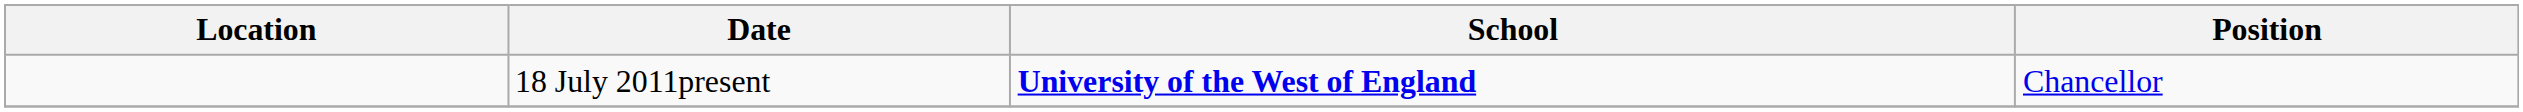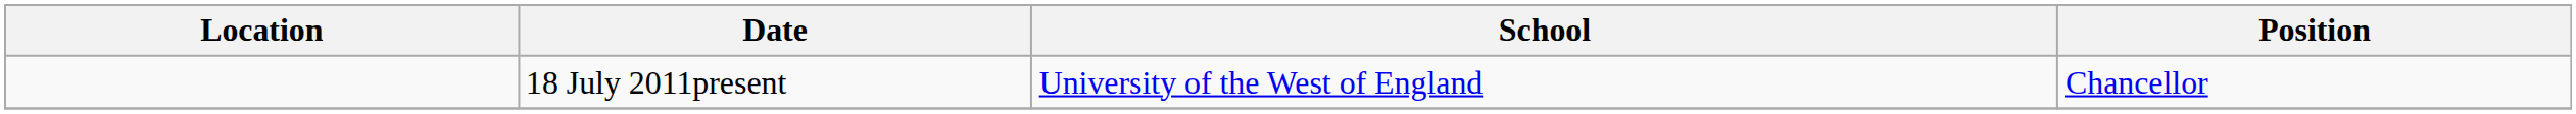 <table class="wikitable" style="width:100%;">
 <tr>
 <th style="width:20%;">Location</th>
 <th style="width:20%;">Date</th>
 <th style="width:40%;">School</th>
 <th style="width:20%;">Position</th>
 </tr>
 <tr>
 <td></td>
 <td>18 July 2011present</td>
-<td><strong><a href='#'>University of the West of England</a></strong></td>
+<td><a href='#'>University of the West of England</a></td>
 <td><a href='#'>Chancellor</a></td>
 </tr>
 <tr>
 </tr>
 </table>
